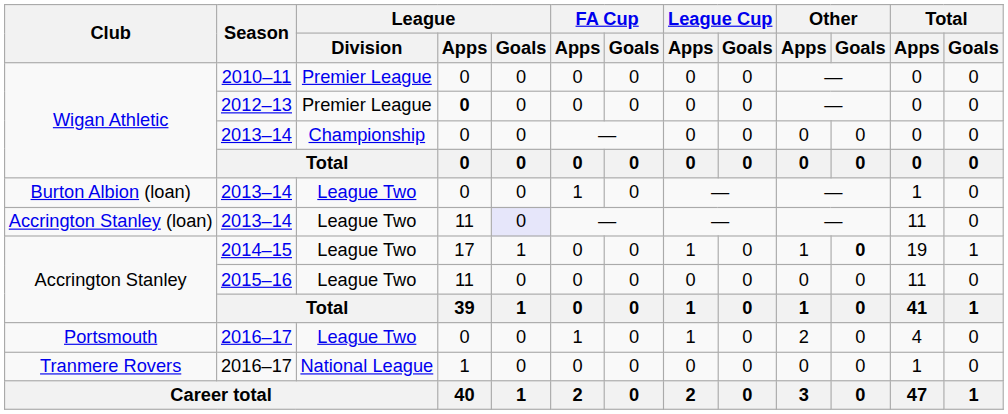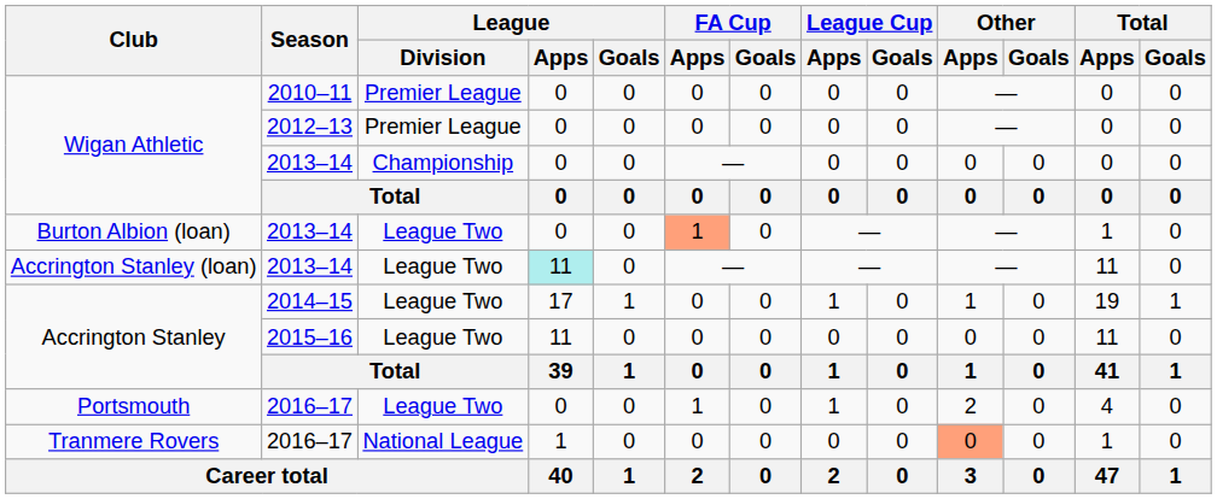 <table class="wikitable" style="text-align: center;">
 <tr>
 <th rowspan="2">Club</th>
 <th rowspan="2">Season</th>
 <th colspan="3">League</th>
 <th colspan="2"><a href='#'>FA Cup</a></th>
 <th colspan="2"><a href='#'>League Cup</a></th>
 <th colspan="2">Other</th>
 <th colspan="2">Total</th>
 </tr>
 <tr>
 <th>Division</th>
 <th>Apps</th>
 <th>Goals</th>
 <th>Apps</th>
 <th>Goals</th>
 <th>Apps</th>
 <th>Goals</th>
 <th>Apps</th>
 <th>Goals</th>
 <th>Apps</th>
 <th>Goals</th>
 </tr>
 <tr>
 <td rowspan="4"><a href='#'>Wigan Athletic</a></td>
 <td><a href='#'>2010–11</a></td>
 <td><a href='#'>Premier League</a></td>
 <td>0</td>
 <td>0</td>
 <td>0</td>
 <td>0</td>
 <td>0</td>
 <td>0</td>
 <td colspan="2">—</td>
 <td>0</td>
 <td>0</td>
 </tr>
 <tr>
 <td><a href='#'>2012–13</a></td>
 <td>Premier League</td>
-<td><strong>0</strong></td>
+<td>0</td>
 <td>0</td>
 <td>0</td>
 <td>0</td>
 <td>0</td>
 <td>0</td>
 <td colspan="2">—</td>
 <td>0</td>
 <td>0</td>
 </tr>
 <tr>
 <td><a href='#'>2013–14</a></td>
 <td><a href='#'>Championship</a></td>
 <td>0</td>
 <td>0</td>
 <td colspan="2">—</td>
 <td>0</td>
 <td>0</td>
 <td>0</td>
 <td>0</td>
 <td>0</td>
 <td>0</td>
 </tr>
 <tr>
 <th colspan="2">Total</th>
 <th>0</th>
 <th>0</th>
 <th>0</th>
 <th>0</th>
 <th>0</th>
 <th>0</th>
 <th>0</th>
 <th>0</th>
 <th>0</th>
 <th>0</th>
 </tr>
 <tr>
 <td><a href='#'>Burton Albion</a> (loan)</td>
 <td><a href='#'>2013–14</a></td>
 <td><a href='#'>League Two</a></td>
 <td>0</td>
 <td>0</td>
-<td>1</td>
+<td style="background: lightsalmon;">1</td>
 <td>0</td>
 <td colspan="2">—</td>
 <td colspan="2">—</td>
 <td>1</td>
 <td>0</td>
 </tr>
 <tr>
 <td><a href='#'>Accrington Stanley</a> (loan)</td>
 <td><a href='#'>2013–14</a></td>
 <td>League Two</td>
-<td>11</td>
-<td style="background: lavender;">0</td>
+<td style="background: paleturquoise;">11</td>
+<td>0</td>
 <td colspan="2">—</td>
 <td colspan="2">—</td>
 <td colspan="2">—</td>
 <td>11</td>
 <td>0</td>
 </tr>
 <tr>
 <td rowspan="3">Accrington Stanley</td>
 <td><a href='#'>2014–15</a></td>
 <td>League Two</td>
 <td>17</td>
 <td>1</td>
 <td>0</td>
 <td>0</td>
 <td>1</td>
 <td>0</td>
 <td>1</td>
-<td><strong>0</strong></td>
+<td>0</td>
 <td>19</td>
 <td>1</td>
 </tr>
 <tr>
 <td><a href='#'>2015–16</a></td>
 <td>League Two</td>
 <td>11</td>
 <td>0</td>
 <td>0</td>
 <td>0</td>
 <td>0</td>
 <td>0</td>
 <td>0</td>
 <td>0</td>
 <td>11</td>
 <td>0</td>
 </tr>
 <tr>
 <th colspan="2">Total</th>
 <th>39</th>
 <th>1</th>
 <th>0</th>
 <th>0</th>
 <th>1</th>
 <th>0</th>
 <th>1</th>
 <th>0</th>
 <th>41</th>
 <th>1</th>
 </tr>
 <tr>
 <td><a href='#'>Portsmouth</a></td>
 <td><a href='#'>2016–17</a></td>
 <td><a href='#'>League Two</a></td>
 <td>0</td>
 <td>0</td>
 <td>1</td>
 <td>0</td>
 <td>1</td>
 <td>0</td>
 <td>2</td>
 <td>0</td>
 <td>4</td>
 <td>0</td>
 </tr>
 <tr>
 <td><a href='#'>Tranmere Rovers</a></td>
 <td>2016–17</td>
 <td><a href='#'>National League</a></td>
 <td>1</td>
 <td>0</td>
 <td>0</td>
 <td>0</td>
 <td>0</td>
 <td>0</td>
-<td>0</td>
+<td style="background: lightsalmon;">0</td>
 <td>0</td>
 <td>1</td>
 <td>0</td>
 </tr>
 <tr>
 <th colspan="3">Career total</th>
 <th>40</th>
 <th>1</th>
 <th>2</th>
 <th>0</th>
 <th>2</th>
 <th>0</th>
 <th>3</th>
 <th>0</th>
 <th>47</th>
 <th>1</th>
 </tr>
 </table>
